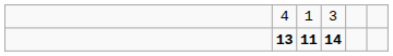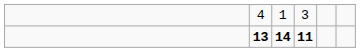 <table class="wikitable">
 <tr>
 <td style="width:18em"></td>
 <td align=center style="width:1em">4</td>
 <td align=center style="width:1em">1</td>
 <td align=center style="width:1em">3</td>
 <td align=center style="width:1em"></td>
 <td align=center style="width:1em"></td>
 </tr>
 <tr>
 <td style="width:18em"><strong></strong></td>
 <td align=center style="width:1em"><strong>13</strong></td>
+<td align=center style="width:1em"><strong>14</strong></td>
 <td align=center style="width:1em"><strong>11</strong></td>
-<td align=center style="width:1em"><strong>14</strong></td>
 <td align=center style="width:1em"></td>
 <td align=center style="width:1em"></td>
 </tr>
 </table>
